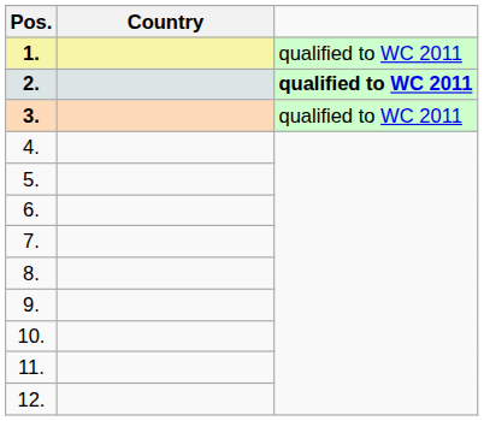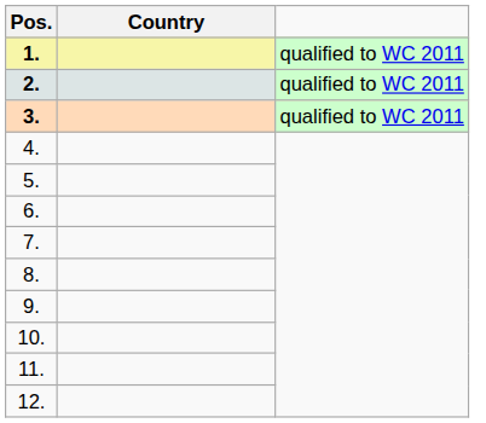 <table class="wikitable" style="border:1px solid #AAAAAA;font-size:90%">
 <tr bgcolor="#E4E4E4">
 <th style="border-bottom:1px solid #AAAAAA" width=20>Pos.</th>
 <th style="border-bottom:1px solid #AAAAAA" width=150>Country</th>
 </tr>
 <tr bgcolor="#F7F6A8">
 <td align="center"><strong>1.</strong></td>
 <td></td>
 <td bgcolor=#CCFFCC>qualified to <a href='#'>WC 2011</a></td>
 </tr>
 <tr bgcolor="#DCE5E5">
 <td align="center"><strong>2.</strong></td>
 <td></td>
-<td bgcolor=#CCFFCC><strong>qualified to <a href='#'>WC 2011</a></strong></td>
+<td bgcolor=#CCFFCC>qualified to <a href='#'>WC 2011</a></td>
 </tr>
 <tr bgcolor="#FFDAB9">
 <td align="center"><strong>3.</strong></td>
 <td></td>
 <td bgcolor=#CCFFCC>qualified to <a href='#'>WC 2011</a></td>
 </tr>
 <tr style>
 <td align="center">4.</td>
 <td></td>
 </tr>
 <tr style>
 <td align="center">5.</td>
 <td></td>
 </tr>
 <tr style>
 <td align="center">6.</td>
 <td></td>
 </tr>
 <tr style>
 <td align="center">7.</td>
 <td></td>
 </tr>
 <tr style>
 <td align="center">8.</td>
 <td></td>
 </tr>
 <tr style>
 <td align="center">9.</td>
 <td></td>
 </tr>
 <tr style>
 <td align="center">10.</td>
 <td></td>
 </tr>
 <tr style>
 <td align="center">11.</td>
 <td></td>
 </tr>
 <tr style>
 <td align="center">12.</td>
 <td></td>
 </tr>
 </table>
